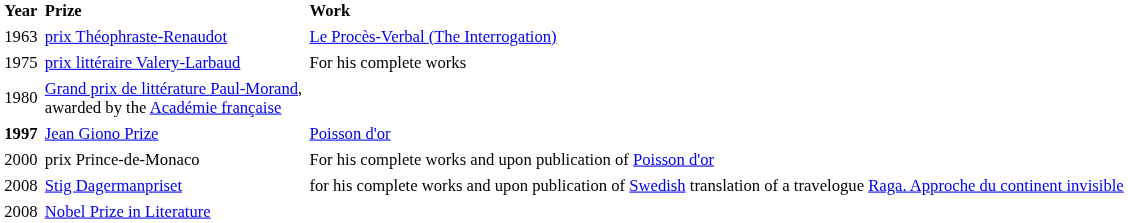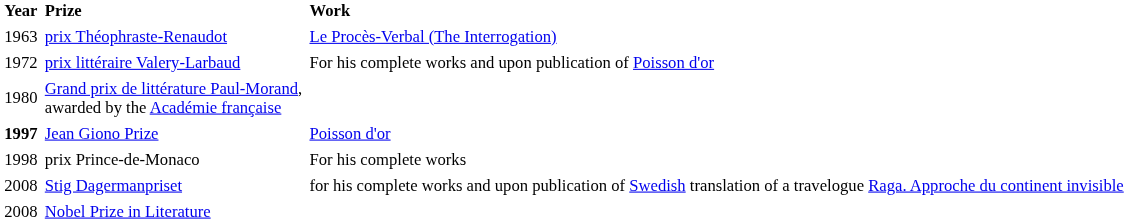 <table cellspacing="5" style="position:relative; left:30">
 <tr>
 <td><strong>Year </strong></td>
 <td><strong>Prize</strong></td>
 <td><strong>Work</strong></td>
 </tr>
 <tr>
 <td>1963</td>
 <td><a href='#'>prix Théophraste-Renaudot</a></td>
 <td><a href='#'>Le Procès-Verbal (The Interrogation)</a></td>
 </tr>
 <tr>
-<td>1975</td>
+<td>1972</td>
 <td><a href='#'>prix littéraire Valery-Larbaud</a></td>
-<td>For his complete works</td>
+<td>For his complete works and upon publication of <a href='#'>Poisson d'or</a></td>
 </tr>
 <tr>
 <td>1980</td>
 <td><a href='#'>Grand prix de littérature Paul-Morand</a>,<br> awarded by the <a href='#'>Académie française</a></td>
 </tr>
 <tr>
 <td><strong>1997</strong></td>
 <td><a href='#'>Jean Giono Prize</a></td>
 <td><a href='#'>Poisson d'or</a></td>
 </tr>
 <tr>
-<td>2000</td>
+<td>1998</td>
 <td>prix Prince-de-Monaco</td>
-<td>For his complete works and upon publication of <a href='#'>Poisson d'or</a></td>
+<td>For his complete works</td>
 </tr>
 <tr>
 <td>2008</td>
 <td><a href='#'>Stig Dagermanpriset</a></td>
 <td>for his complete works and upon publication of <a href='#'>Swedish</a> translation of a travelogue <a href='#'>Raga. Approche du continent invisible</a></td>
 </tr>
 <tr>
 <td>2008</td>
 <td><a href='#'>Nobel Prize in Literature</a></td>
 </tr>
 </table>
